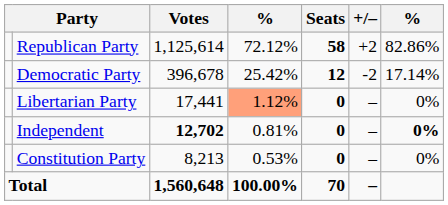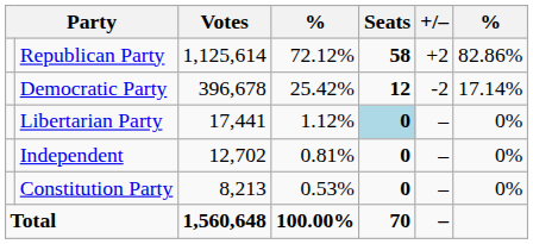 <table class="wikitable" style="font-size:100%; text-align:right;">
 <tr>
 <th colspan=2>Party</th>
 <th>Votes</th>
 <th>%</th>
 <th>Seats</th>
 <th>+/–</th>
 <th>%</th>
 </tr>
 <tr>
 <td style="background:"></td>
 <td align=left><a href='#'>Republican Party</a></td>
 <td>1,125,614</td>
 <td>72.12%</td>
 <td><strong>58</strong></td>
 <td>+2</td>
 <td>82.86%</td>
 </tr>
 <tr>
 <td style="background:"></td>
 <td align=left><a href='#'>Democratic Party</a></td>
 <td>396,678</td>
 <td>25.42%</td>
 <td><strong>12</strong></td>
 <td>-2</td>
 <td>17.14%</td>
 </tr>
 <tr>
 <td style="background:"></td>
 <td align=left><a href='#'>Libertarian Party</a></td>
 <td>17,441</td>
-<td style="background: lightsalmon;">1.12%</td>
-<td><strong>0</strong></td>
+<td>1.12%</td>
+<td style="background: lightblue;"><strong>0</strong></td>
 <td>–</td>
 <td>0%</td>
 </tr>
 <tr>
 <td style="background:"></td>
 <td align=left><a href='#'>Independent</a></td>
-<td><strong>12,702</strong></td>
+<td>12,702</td>
 <td>0.81%</td>
 <td><strong>0</strong></td>
 <td>–</td>
-<td><strong>0%</strong></td>
+<td>0%</td>
 </tr>
 <tr>
 <td style="background:"></td>
 <td align=left><a href='#'>Constitution Party</a></td>
 <td>8,213</td>
 <td>0.53%</td>
 <td><strong>0</strong></td>
 <td>–</td>
 <td>0%</td>
 </tr>
 <tr style="font-weight:bold">
 <td colspan=2 align=left>Total</td>
 <td>1,560,648</td>
 <td>100.00%</td>
 <td>70</td>
 <td>–</td>
 </tr>
 </table>
